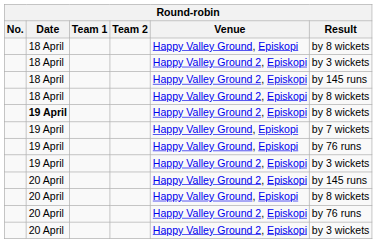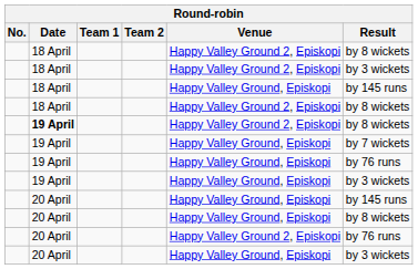 <table class="wikitable">
 <tr>
 <th colspan="6">Round-robin</th>
 </tr>
 <tr>
 <th>No.</th>
 <th>Date</th>
 <th>Team 1</th>
 <th>Team 2</th>
 <th>Venue</th>
 <th>Result</th>
 </tr>
 <tr>
 <td></td>
 <td>18 April</td>
 <td></td>
 <td></td>
-<td><a href='#'>Happy Valley Ground</a>, <a href='#'>Episkopi</a></td>
+<td><a href='#'>Happy Valley Ground 2</a>, <a href='#'>Episkopi</a></td>
 <td> by 8 wickets</td>
 </tr>
 <tr>
 <td></td>
 <td>18 April</td>
 <td></td>
 <td></td>
 <td><a href='#'>Happy Valley Ground 2</a>, <a href='#'>Episkopi</a></td>
 <td> by 3 wickets</td>
 </tr>
 <tr>
 <td></td>
 <td>18 April</td>
 <td></td>
 <td></td>
-<td><a href='#'>Happy Valley Ground 2</a>, <a href='#'>Episkopi</a></td>
+<td><a href='#'>Happy Valley Ground</a>, <a href='#'>Episkopi</a></td>
 <td> by 145 runs</td>
 </tr>
 <tr>
 <td></td>
 <td>18 April</td>
 <td></td>
 <td></td>
 <td><a href='#'>Happy Valley Ground 2</a>, <a href='#'>Episkopi</a></td>
 <td> by 8 wickets</td>
 </tr>
 <tr>
 <td></td>
 <td><strong>19 April</strong></td>
 <td></td>
 <td></td>
 <td><a href='#'>Happy Valley Ground 2</a>, <a href='#'>Episkopi</a></td>
 <td> by 8 wickets</td>
 </tr>
 <tr>
 <td></td>
 <td>19 April</td>
 <td></td>
 <td></td>
 <td><a href='#'>Happy Valley Ground</a>, <a href='#'>Episkopi</a></td>
 <td> by 7 wickets</td>
 </tr>
 <tr>
 <td></td>
 <td>19 April</td>
 <td></td>
 <td></td>
 <td><a href='#'>Happy Valley Ground</a>, <a href='#'>Episkopi</a></td>
 <td> by 76 runs</td>
 </tr>
 <tr>
 <td></td>
 <td>19 April</td>
 <td></td>
 <td></td>
-<td><a href='#'>Happy Valley Ground 2</a>, <a href='#'>Episkopi</a></td>
+<td><a href='#'>Happy Valley Ground</a>, <a href='#'>Episkopi</a></td>
 <td> by 3 wickets</td>
 </tr>
 <tr>
 <td></td>
 <td>20 April</td>
 <td></td>
 <td></td>
-<td><a href='#'>Happy Valley Ground 2</a>, <a href='#'>Episkopi</a></td>
+<td><a href='#'>Happy Valley Ground</a>, <a href='#'>Episkopi</a></td>
 <td> by 145 runs</td>
 </tr>
 <tr>
 <td></td>
 <td>20 April</td>
 <td></td>
 <td></td>
 <td><a href='#'>Happy Valley Ground</a>, <a href='#'>Episkopi</a></td>
 <td> by 8 wickets</td>
 </tr>
 <tr>
 <td></td>
 <td>20 April</td>
 <td></td>
 <td></td>
 <td><a href='#'>Happy Valley Ground 2</a>, <a href='#'>Episkopi</a></td>
 <td> by 76 runs</td>
 </tr>
 <tr>
 <td></td>
 <td>20 April</td>
 <td></td>
 <td></td>
-<td><a href='#'>Happy Valley Ground 2</a>, <a href='#'>Episkopi</a></td>
+<td><a href='#'>Happy Valley Ground</a>, <a href='#'>Episkopi</a></td>
 <td> by 3 wickets</td>
 </tr>
 </table>
